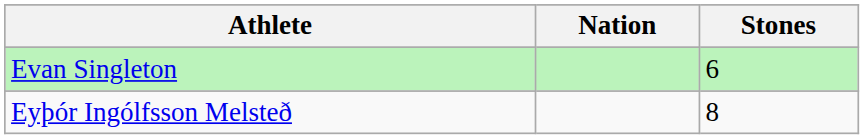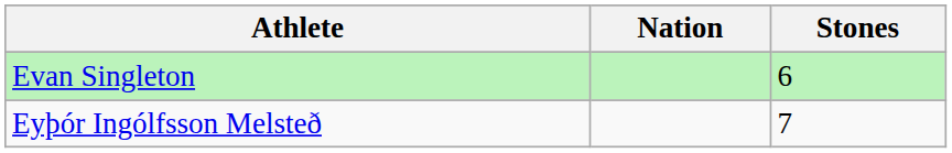 <table class="wikitable" style="display: inline-table; width: 40%;">
 <tr>
 <th scope="col">Athlete</th>
 <th scope="col">Nation</th>
 <th scope="col">Stones</th>
 </tr>
 <tr bgcolor=bbf3bb>
 <td><a href='#'>Evan Singleton</a></td>
 <td></td>
 <td>6</td>
 </tr>
 <tr>
 <td><a href='#'>Eyþór Ingólfsson Melsteð</a></td>
 <td></td>
-<td>8</td>
+<td>7</td>
 </tr>
 </table>
